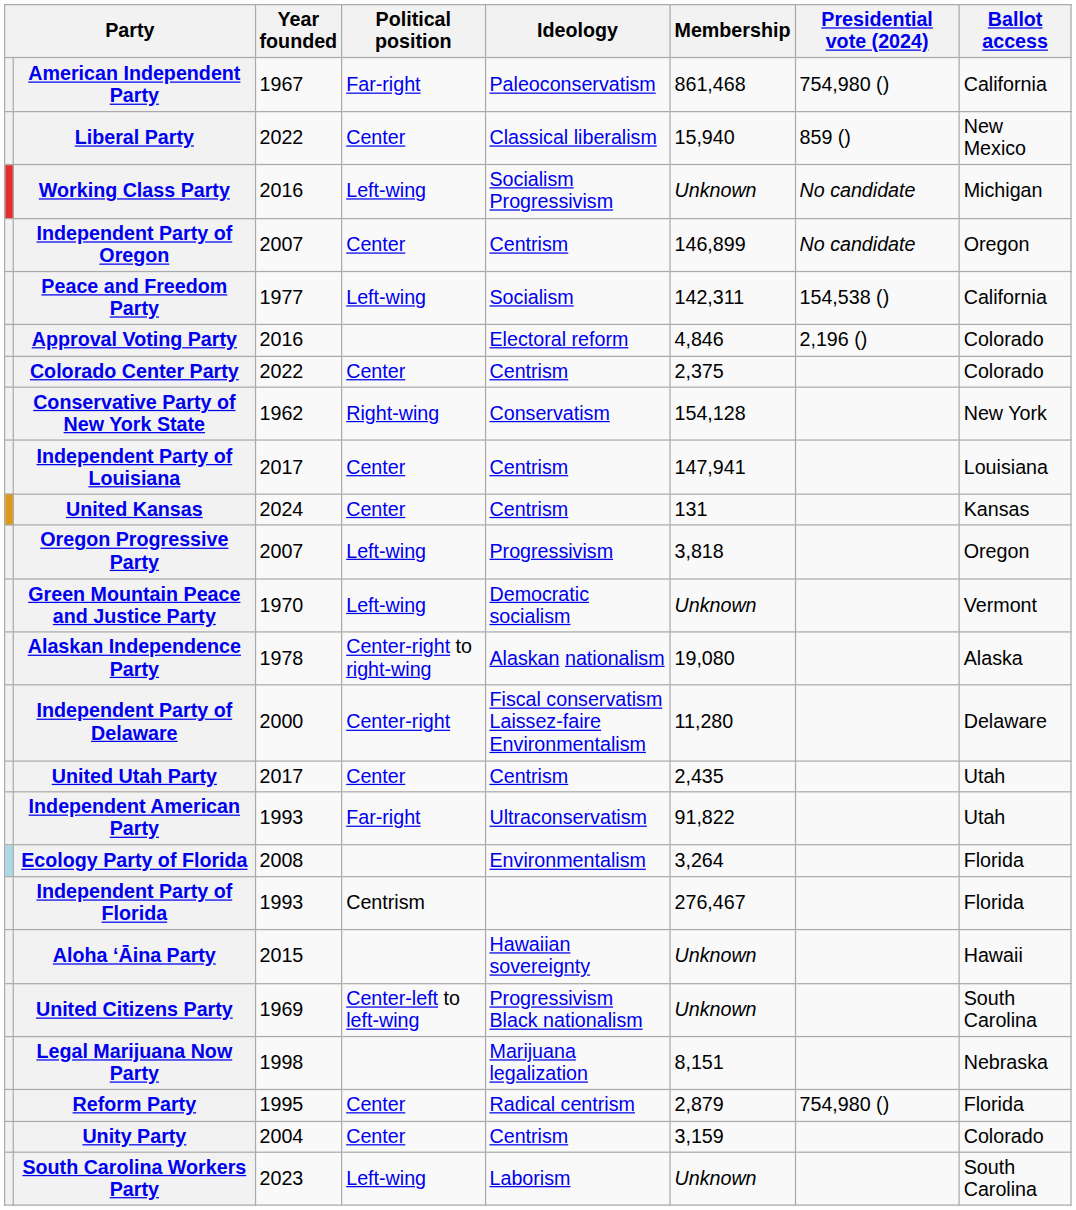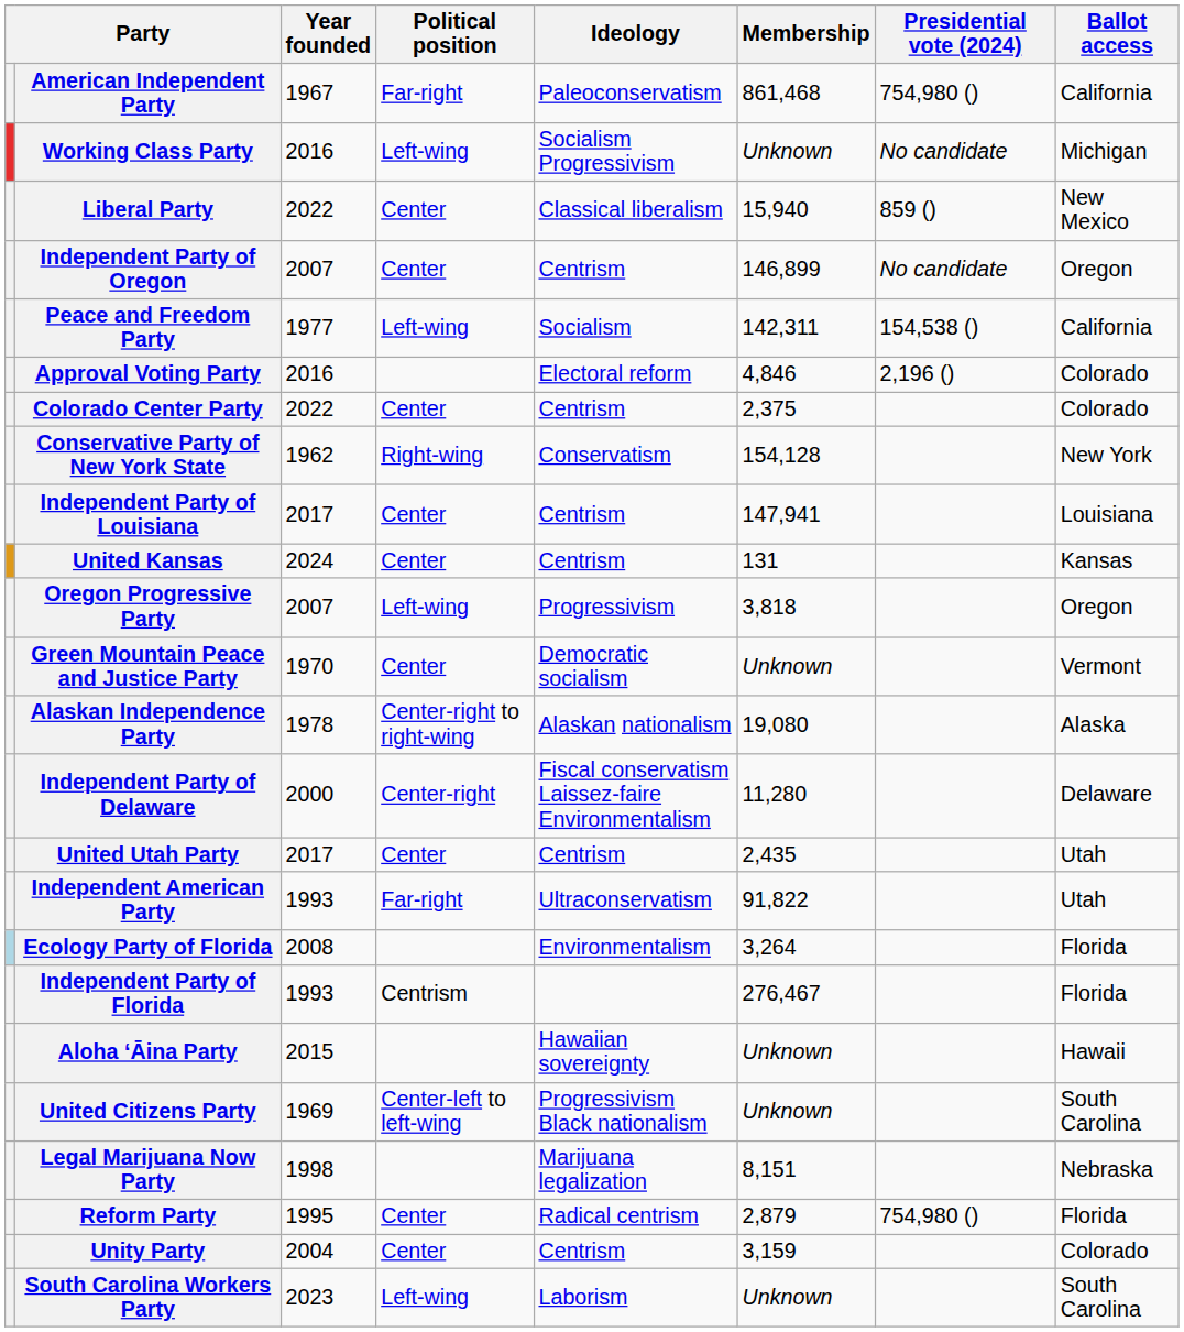 <table class="wikitable sortable plainrowheaders">
 <tr>
 <th colspan="2" scope="col">Party</th>
 <th scope="col">Year<br>founded</th>
 <th>Political position</th>
 <th scope="col">Ideology</th>
 <th scope="col">Membership</th>
 <th scope="col" data-sort-type="number"><a href='#'>Presidential vote (2024)</a></th>
 <th scope="col"><a href='#'>Ballot access</a></th>
 </tr>
 <tr>
 <th style="background-color:"></th>
 <th><a href='#'>American Independent Party</a></th>
 <td>1967</td>
 <td><a href='#'>Far-right</a></td>
 <td><a href='#'>Paleoconservatism</a></td>
 <td>861,468</td>
 <td>754,980 ()</td>
 <td>California</td>
 </tr>
 <tr>
+<th style="background-color:#e72c2d"></th>
+<th><a href='#'>Working Class Party</a></th>
+<td>2016</td>
+<td><a href='#'>Left-wing</a></td>
+<td><a href='#'>Socialism</a><br><a href='#'>Progressivism</a></td>
+<td><em>Unknown</em></td>
+<td><em>No candidate</em></td>
+<td>Michigan</td>
+</tr>
+<tr>
 <th style="background-color:"></th>
 <th><a href='#'>Liberal Party</a></th>
 <td>2022</td>
 <td><a href='#'>Center</a></td>
 <td><a href='#'>Classical liberalism</a></td>
 <td>15,940</td>
 <td>859 ()</td>
 <td>New Mexico</td>
-</tr>
-<tr>
-<th style="background-color:#e72c2d"></th>
-<th><a href='#'>Working Class Party</a></th>
-<td>2016</td>
-<td><a href='#'>Left-wing</a></td>
-<td><a href='#'>Socialism</a><br><a href='#'>Progressivism</a></td>
-<td><em>Unknown</em></td>
-<td><em>No candidate</em></td>
-<td>Michigan</td>
 </tr>
 <tr>
 <th style="background-color:"></th>
 <th><a href='#'>Independent Party of Oregon</a></th>
 <td>2007</td>
 <td><a href='#'>Center</a></td>
 <td><a href='#'>Centrism</a></td>
 <td>146,899</td>
 <td><em>No candidate</em></td>
 <td>Oregon</td>
 </tr>
 <tr>
 <th style="background-color:"></th>
 <th><a href='#'>Peace and Freedom Party</a></th>
 <td>1977</td>
 <td><a href='#'>Left-wing</a></td>
 <td><a href='#'>Socialism</a></td>
 <td>142,311</td>
 <td>154,538 ()</td>
 <td>California</td>
 </tr>
 <tr>
 <th style="background-color:"></th>
 <th><a href='#'>Approval Voting Party</a></th>
 <td>2016</td>
 <td></td>
 <td><a href='#'>Electoral reform</a></td>
 <td>4,846</td>
 <td>2,196 ()</td>
 <td>Colorado</td>
 </tr>
 <tr>
 <th style="background-color:"></th>
 <th><a href='#'>Colorado Center Party</a></th>
 <td>2022</td>
 <td><a href='#'>Center</a></td>
 <td><a href='#'>Centrism</a></td>
 <td>2,375</td>
 <td></td>
 <td>Colorado</td>
 </tr>
 <tr>
 <th style="background-color:"></th>
 <th><a href='#'>Conservative Party of New York State</a></th>
 <td>1962</td>
 <td><a href='#'>Right-wing</a></td>
 <td><a href='#'>Conservatism</a></td>
 <td>154,128</td>
 <td></td>
 <td>New York</td>
 </tr>
 <tr>
 <th style="background-color:"></th>
 <th><a href='#'>Independent Party of Louisiana</a></th>
 <td>2017</td>
 <td><a href='#'>Center</a></td>
 <td><a href='#'>Centrism</a></td>
 <td>147,941</td>
 <td></td>
 <td>Louisiana</td>
 </tr>
 <tr>
 <th style="background-color:#DE9918"></th>
 <th><a href='#'>United Kansas</a></th>
 <td>2024</td>
 <td><a href='#'>Center</a></td>
 <td><a href='#'>Centrism</a></td>
 <td>131</td>
 <td></td>
 <td>Kansas</td>
 </tr>
 <tr>
 <th style="background-color:"></th>
 <th><a href='#'>Oregon Progressive Party</a></th>
 <td>2007</td>
 <td><a href='#'>Left-wing</a></td>
 <td><a href='#'>Progressivism</a></td>
 <td>3,818</td>
 <td></td>
 <td>Oregon</td>
 </tr>
 <tr>
 <th style="background-color:"></th>
 <th><a href='#'>Green Mountain Peace and Justice Party</a></th>
 <td>1970</td>
-<td><a href='#'>Left-wing</a></td>
+<td><a href='#'>Center</a></td>
 <td><a href='#'>Democratic socialism</a></td>
 <td><em>Unknown</em></td>
 <td></td>
 <td>Vermont</td>
 </tr>
 <tr>
 <th style="background-color:"></th>
 <th><a href='#'>Alaskan Independence Party</a></th>
 <td>1978</td>
 <td><a href='#'>Center-right</a> to <a href='#'>right-wing</a></td>
 <td><a href='#'>Alaskan</a> <a href='#'>nationalism</a></td>
 <td>19,080</td>
 <td></td>
 <td>Alaska</td>
 </tr>
 <tr>
 <th style="background-color:"></th>
 <th><a href='#'>Independent Party of Delaware</a></th>
 <td>2000</td>
 <td><a href='#'>Center-right</a></td>
 <td><a href='#'>Fiscal conservatism</a><br><a href='#'>Laissez-faire</a><br><a href='#'>Environmentalism</a></td>
 <td>11,280</td>
 <td></td>
 <td>Delaware</td>
 </tr>
 <tr>
 <th style="background-color:"></th>
 <th><a href='#'>United Utah Party</a></th>
 <td>2017</td>
 <td><a href='#'>Center</a></td>
 <td><a href='#'>Centrism</a></td>
 <td>2,435</td>
 <td></td>
 <td>Utah</td>
 </tr>
 <tr>
 <th style="background-color:"></th>
 <th><a href='#'>Independent American Party</a></th>
 <td>1993</td>
 <td><a href='#'>Far-right</a></td>
 <td><a href='#'>Ultraconservatism</a></td>
 <td>91,822</td>
 <td></td>
 <td>Utah</td>
 </tr>
 <tr>
 <td style="background-color:Lightblue"></td>
 <th><a href='#'>Ecology Party of Florida</a></th>
 <td>2008</td>
 <td></td>
 <td><a href='#'>Environmentalism</a></td>
 <td>3,264</td>
 <td></td>
 <td>Florida</td>
 </tr>
 <tr>
 <th style="background-color:"></th>
 <th><a href='#'>Independent Party of Florida</a></th>
 <td>1993</td>
 <td>Centrism</td>
 <td></td>
 <td>276,467</td>
 <td></td>
 <td>Florida</td>
 </tr>
 <tr>
 <th style="background-color:"></th>
 <th><a href='#'>Aloha ʻĀina Party</a></th>
 <td>2015</td>
 <td></td>
 <td><a href='#'>Hawaiian sovereignty</a></td>
 <td><em>Unknown</em></td>
 <td></td>
 <td>Hawaii</td>
 </tr>
 <tr>
 <th style="background-color:"></th>
 <th><a href='#'>United Citizens Party</a></th>
 <td>1969</td>
 <td><a href='#'>Center-left</a> to <a href='#'>left-wing</a></td>
 <td><a href='#'>Progressivism</a><br><a href='#'>Black nationalism</a></td>
 <td><em>Unknown</em></td>
 <td></td>
 <td>South Carolina</td>
 </tr>
 <tr>
 <th style="background-color:"></th>
 <th><a href='#'>Legal Marijuana Now Party</a></th>
 <td>1998</td>
 <td></td>
 <td><a href='#'>Marijuana legalization</a></td>
 <td>8,151</td>
 <td></td>
 <td>Nebraska</td>
 </tr>
 <tr>
 <th style="background-color:"></th>
 <th><a href='#'>Reform Party</a></th>
 <td>1995</td>
 <td><a href='#'>Center</a></td>
 <td><a href='#'>Radical centrism</a></td>
 <td>2,879</td>
 <td>754,980 ()</td>
 <td>Florida</td>
 </tr>
 <tr>
 <th style="background-color:"></th>
 <th><a href='#'>Unity Party</a></th>
 <td>2004</td>
 <td><a href='#'>Center</a></td>
 <td><a href='#'>Centrism</a></td>
 <td>3,159</td>
 <td></td>
 <td>Colorado</td>
 </tr>
 <tr>
 <th style="background-color:"></th>
 <th><a href='#'>South Carolina Workers Party</a></th>
 <td>2023</td>
 <td><a href='#'>Left-wing</a></td>
 <td><a href='#'>Laborism</a></td>
 <td><em>Unknown</em></td>
 <td></td>
 <td>South Carolina</td>
 </tr>
 </table>
